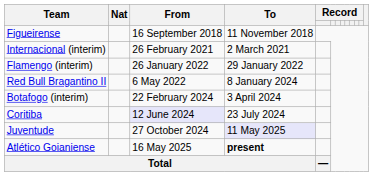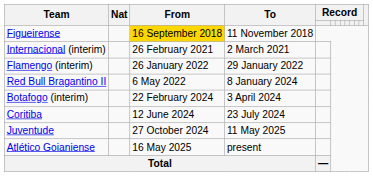 <table class="wikitable" style="text-align: center">
 <tr>
 <th rowspan="2">Team</th>
 <th rowspan="2">Nat</th>
 <th rowspan="2">From</th>
 <th rowspan="2">To</th>
 <th colspan="8">Record</th>
 <th rowspan=2></th>
 </tr>
 <tr>
 <th></th>
 <th></th>
 <th></th>
 <th></th>
 <th></th>
 <th></th>
 <th></th>
 <th></th>
 </tr>
 <tr>
 <td align=left><a href='#'>Figueirense</a></td>
 <td></td>
-<td align=left>16 September 2018</td>
+<td align=left style="background: gold;">16 September 2018</td>
 <td align=left>11 November 2018<br></td>
 </tr>
 <tr>
 <td align=left><a href='#'>Internacional</a> (interim)</td>
 <td></td>
 <td align=left>26 February 2021</td>
 <td align=left>2 March 2021<br></td>
 <td></td>
 </tr>
 <tr>
 <td align=left><a href='#'>Flamengo</a> (interim)</td>
 <td></td>
 <td align=left>26 January 2022</td>
 <td align=left>29 January 2022<br></td>
 <td></td>
 </tr>
 <tr>
 <td align=left><a href='#'>Red Bull Bragantino II</a></td>
 <td></td>
 <td align=left>6 May 2022</td>
 <td align=left>8 January 2024<br></td>
 <td></td>
 </tr>
 <tr>
 <td align=left><a href='#'>Botafogo</a> (interim)</td>
 <td></td>
 <td align=left>22 February 2024</td>
 <td align=left>3 April 2024<br></td>
 <td></td>
 </tr>
 <tr>
 <td align=left><a href='#'>Coritiba</a></td>
 <td></td>
-<td align=left style="background: lavender;">12 June 2024</td>
+<td align=left>12 June 2024</td>
 <td align=left>23 July 2024<br></td>
 <td></td>
 </tr>
 <tr>
 <td align=left><a href='#'>Juventude</a></td>
 <td></td>
 <td align=left>27 October 2024</td>
-<td align=left style="background: lavender;">11 May 2025<br></td>
+<td align=left>11 May 2025<br></td>
 <td></td>
 </tr>
 <tr>
 <td align=left><a href='#'>Atlético Goianiense</a></td>
 <td></td>
 <td align=left>16 May 2025</td>
-<td align=left><strong>present<br></strong></td>
+<td align=left>present<br></td>
 <td></td>
 </tr>
 <tr>
 <th colspan="4">Total<br></th>
 <th>—</th>
 </tr>
 </table>
